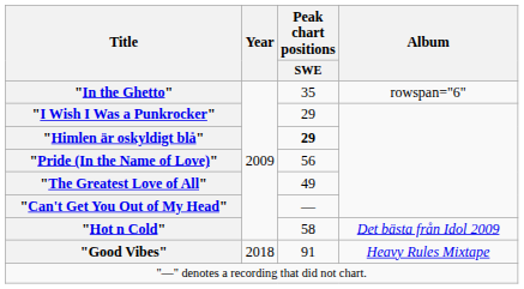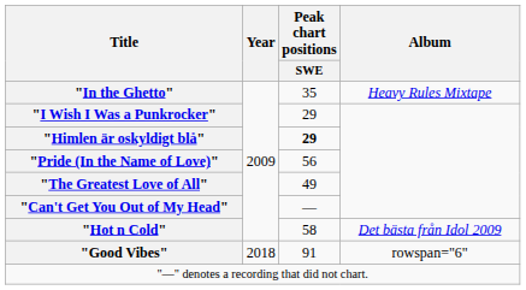 <table class="wikitable plainrowheaders" style="text-align:center;" border="1">
 <tr>
 <th scope="col" rowspan="2" style="width:16em">Title</th>
 <th scope="col" rowspan="2">Year</th>
 <th scope="col">Peak chart positions</th>
 <th scope="col" rowspan="2" style="width:12em">Album</th>
 </tr>
 <tr>
 <th scope="col" style="width:3em;font-size:85%;">SWE<br></th>
 </tr>
 <tr>
 <th scope="row">"<a href='#'>In the Ghetto</a>" </th>
 <td rowspan="7">2009</td>
 <td>35</td>
-<td>rowspan="6" </td>
+<td><em><a href='#'>Heavy Rules Mixtape</a></em></td>
 </tr>
 <tr>
 <th scope="row">"<a href='#'>I Wish I Was a Punkrocker</a>" </th>
 <td>29</td>
 </tr>
 <tr>
 <th scope="row">"<a href='#'>Himlen är oskyldigt blå</a>" </th>
 <td><strong>29</strong></td>
 </tr>
 <tr>
 <th scope="row">"<a href='#'>Pride (In the Name of Love)</a>" </th>
 <td>56</td>
 </tr>
 <tr>
 <th scope="row">"<a href='#'>The Greatest Love of All</a>" </th>
 <td>49</td>
 </tr>
 <tr>
 <th scope="row">"<a href='#'>Can't Get You Out of My Head</a>" </th>
 <td>—</td>
 </tr>
 <tr>
 <th scope="row">"<a href='#'>Hot n Cold</a>" </th>
 <td>58</td>
 <td><em><a href='#'>Det bästa från Idol 2009</a></em></td>
 </tr>
 <tr>
 <th scope="row">"Good Vibes"<br></th>
 <td>2018</td>
 <td>91</td>
-<td><em><a href='#'>Heavy Rules Mixtape</a></em></td>
+<td>rowspan="6" </td>
 </tr>
 <tr>
 <td colspan="4" style="font-size:85%">"—" denotes a recording that did not chart.</td>
 </tr>
 </table>
